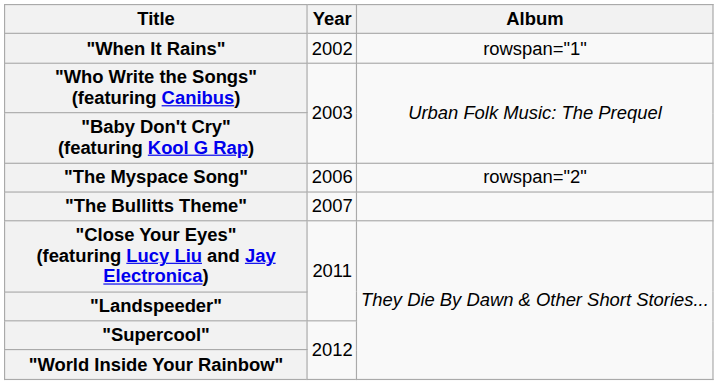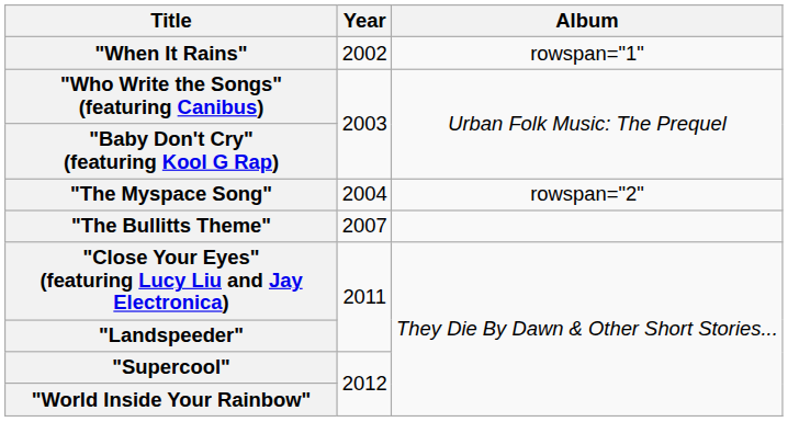 <table class="wikitable plainrowheaders" style="text-align:center;">
 <tr>
 <th scope="col" style="width:16em;">Title</th>
 <th scope="col">Year</th>
 <th scope="col">Album</th>
 </tr>
 <tr>
 <th scope="row">"When It Rains"</th>
 <td>2002</td>
 <td>rowspan="1" </td>
 </tr>
 <tr>
 <th scope="row">"Who Write the Songs"<br><span>(featuring <a href='#'>Canibus</a>)</span></th>
 <td rowspan="2">2003</td>
 <td rowspan="2"><em>Urban Folk Music: The Prequel</em></td>
 </tr>
 <tr>
 <th scope="row">"Baby Don't Cry"<br><span>(featuring <a href='#'>Kool G Rap</a>)</span></th>
 </tr>
 <tr>
 <th scope="row">"The Myspace Song"</th>
-<td>2006</td>
+<td>2004</td>
 <td>rowspan="2" </td>
 </tr>
 <tr>
 <th scope="row">"The Bullitts Theme"</th>
 <td>2007</td>
 </tr>
 <tr>
 <th scope="row">"Close Your Eyes"<br><span>(featuring <a href='#'>Lucy Liu</a> and <a href='#'>Jay Electronica</a>)</span></th>
 <td rowspan="2">2011</td>
 <td rowspan="4"><em>They Die By Dawn & Other Short Stories...</em></td>
 </tr>
 <tr>
 <th scope="row">"Landspeeder"</th>
 </tr>
 <tr>
 <th scope="row">"Supercool"</th>
 <td rowspan="2">2012</td>
 </tr>
 <tr>
 <th scope="row">"World Inside Your Rainbow"</th>
 </tr>
 </table>
